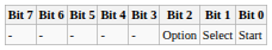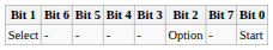 <table class="wikitable">
 <tr>
-<th>Bit 7</th>
+<th>Bit 1</th>
 <th>Bit 6</th>
 <th>Bit 5</th>
 <th>Bit 4</th>
 <th>Bit 3</th>
 <th>Bit 2</th>
-<th>Bit 1</th>
+<th>Bit 7</th>
 <th>Bit 0</th>
 </tr>
 <tr>
-<td>-</td>
+<td>Select</td>
 <td>-</td>
 <td>-</td>
 <td>-</td>
 <td>-</td>
 <td>Option</td>
-<td>Select</td>
+<td>-</td>
 <td>Start</td>
 </tr>
 </table>
